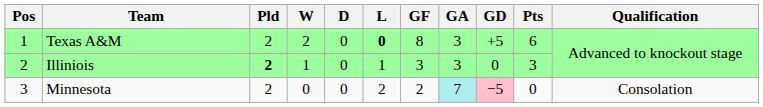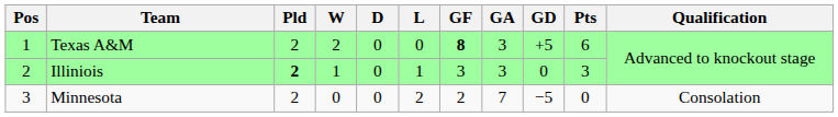 <table class="wikitable" style="text-align:center; margin: 1em auto">
 <tr>
 <th style="width:2em">Pos</th>
 <th style="width:13em">Team</th>
 <th style="width:2em">Pld</th>
 <th style="width:2em">W</th>
 <th style="width:2em">D</th>
 <th style="width:2em">L</th>
 <th style="width:2em">GF</th>
 <th style="width:2em">GA</th>
 <th style="width:2em">GD</th>
 <th style="width:2em">Pts</th>
 <th style="width:13em">Qualification</th>
 </tr>
 <tr bgcolor="#9eff9e">
 <td>1</td>
 <td style="text-align:left">Texas A&M</td>
 <td>2</td>
 <td>2</td>
 <td>0</td>
-<td><strong>0</strong></td>
-<td>8</td>
+<td>0</td>
+<td><strong>8</strong></td>
 <td>3</td>
 <td>+5</td>
 <td>6</td>
 <td rowspan="2">Advanced to knockout stage</td>
 </tr>
 <tr bgcolor="#9eff9e">
 <td>2</td>
 <td style="text-align:left">Illiniois</td>
 <td><strong>2</strong></td>
 <td>1</td>
 <td>0</td>
 <td>1</td>
 <td>3</td>
 <td>3</td>
 <td>0</td>
 <td>3</td>
 </tr>
 <tr>
 <td>3</td>
 <td style="text-align:left">Minnesota</td>
 <td>2</td>
 <td>0</td>
 <td>0</td>
 <td>2</td>
 <td>2</td>
-<td style="background: paleturquoise;">7</td>
-<td style="background: pink;">−5</td>
+<td>7</td>
+<td>−5</td>
 <td>0</td>
 <td>Consolation</td>
 </tr>
 </table>
